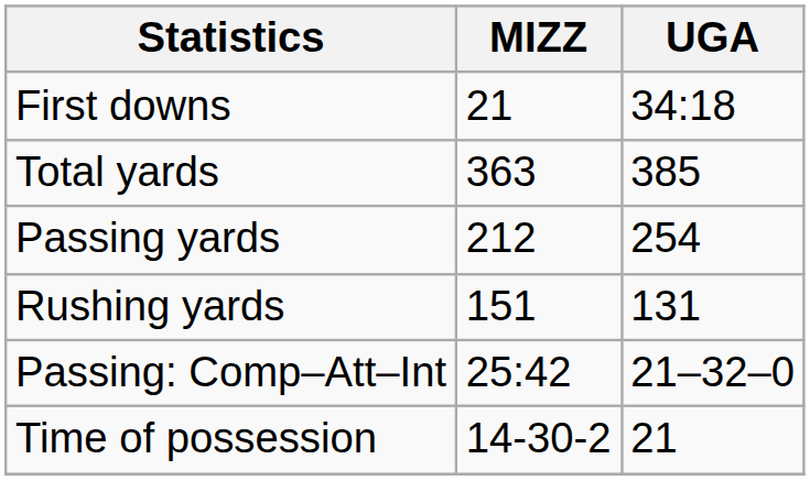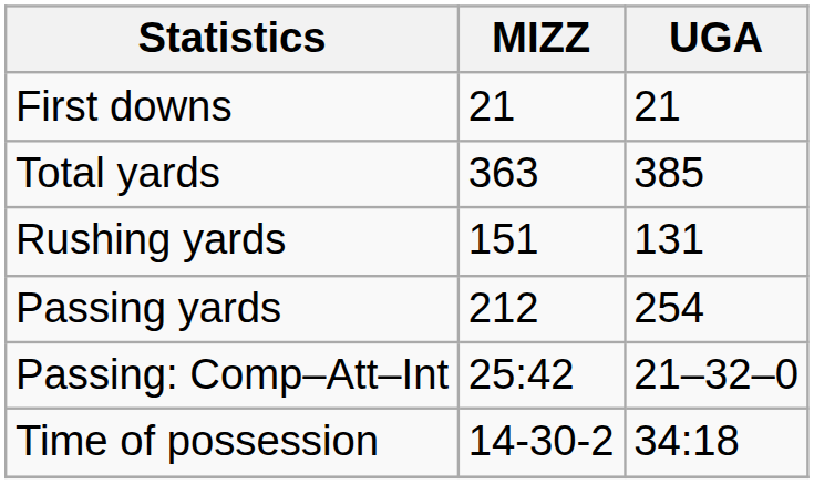 <table class="wikitable" style="float: left;">
 <tr>
 <th>Statistics</th>
 <th>MIZZ</th>
 <th>UGA</th>
 </tr>
 <tr>
 <td>First downs</td>
 <td>21</td>
-<td>34:18</td>
+<td>21</td>
 </tr>
 <tr>
 <td>Total yards</td>
 <td>363</td>
 <td>385</td>
 </tr>
 <tr>
+<td>Rushing yards</td>
+<td>151</td>
+<td>131</td>
+</tr>
+<tr>
 <td>Passing yards</td>
 <td>212</td>
 <td>254</td>
-</tr>
-<tr>
-<td>Rushing yards</td>
-<td>151</td>
-<td>131</td>
 </tr>
 <tr>
 <td>Passing: Comp–Att–Int</td>
 <td>25:42</td>
 <td>21–32–0</td>
 </tr>
 <tr>
 <td>Time of possession</td>
 <td>14-30-2</td>
-<td>21</td>
+<td>34:18</td>
 </tr>
 <tr>
 </tr>
 </table>
